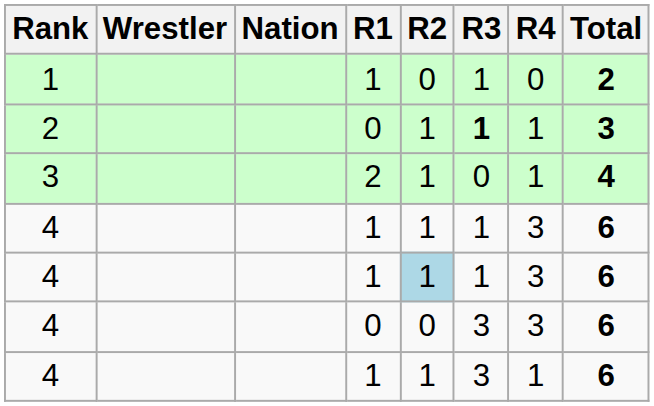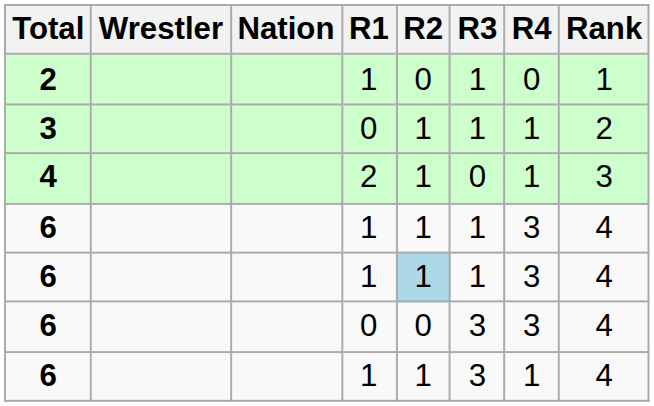 <table class="wikitable sortable" style="text-align:center;">
 <tr>
-<th>Rank</th>
+<th>Total</th>
 <th>Wrestler</th>
 <th>Nation</th>
 <th>R1</th>
 <th>R2</th>
 <th>R3</th>
 <th>R4</th>
-<th>Total</th>
+<th>Rank</th>
 </tr>
 <tr style="background:#cfc;">
-<td>1</td>
+<td><strong>2</strong></td>
 <td align=left></td>
 <td align=left></td>
 <td>1</td>
 <td>0</td>
 <td>1</td>
 <td>0</td>
-<td><strong>2</strong></td>
+<td>1</td>
 </tr>
 <tr style="background:#cfc;">
-<td>2</td>
+<td><strong>3</strong></td>
 <td align=left></td>
 <td align=left></td>
 <td>0</td>
 <td>1</td>
-<td><strong>1</strong></td>
 <td>1</td>
-<td><strong>3</strong></td>
+<td>1</td>
+<td>2</td>
 </tr>
 <tr style="background:#cfc;">
-<td>3</td>
+<td><strong>4</strong></td>
 <td align=left></td>
 <td align=left></td>
 <td>2</td>
 <td>1</td>
 <td>0</td>
 <td>1</td>
-<td><strong>4</strong></td>
+<td>3</td>
 </tr>
 <tr>
-<td>4</td>
+<td><strong>6</strong></td>
 <td align=left></td>
 <td align=left></td>
 <td>1</td>
 <td>1</td>
 <td>1</td>
 <td>3</td>
-<td><strong>6</strong></td>
+<td>4</td>
 </tr>
 <tr>
-<td>4</td>
+<td><strong>6</strong></td>
 <td align=left></td>
 <td align=left></td>
 <td>1</td>
 <td style="background: lightblue;">1</td>
 <td>1</td>
 <td>3</td>
-<td><strong>6</strong></td>
+<td>4</td>
 </tr>
 <tr>
-<td>4</td>
+<td><strong>6</strong></td>
 <td align=left></td>
 <td align=left></td>
 <td>0</td>
 <td>0</td>
 <td>3</td>
 <td>3</td>
-<td><strong>6</strong></td>
+<td>4</td>
 </tr>
 <tr>
-<td>4</td>
+<td><strong>6</strong></td>
 <td align=left></td>
 <td align=left></td>
 <td>1</td>
 <td>1</td>
 <td>3</td>
 <td>1</td>
-<td><strong>6</strong></td>
+<td>4</td>
 </tr>
 </table>
